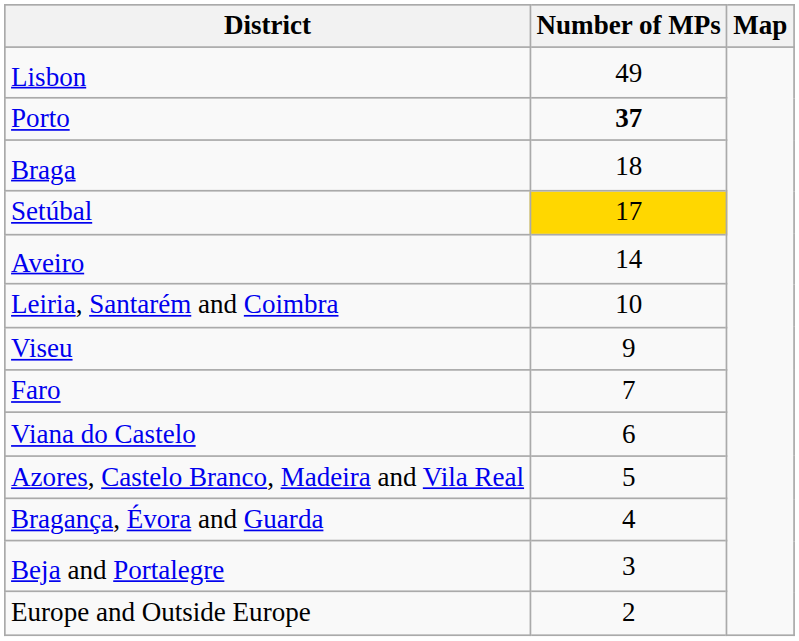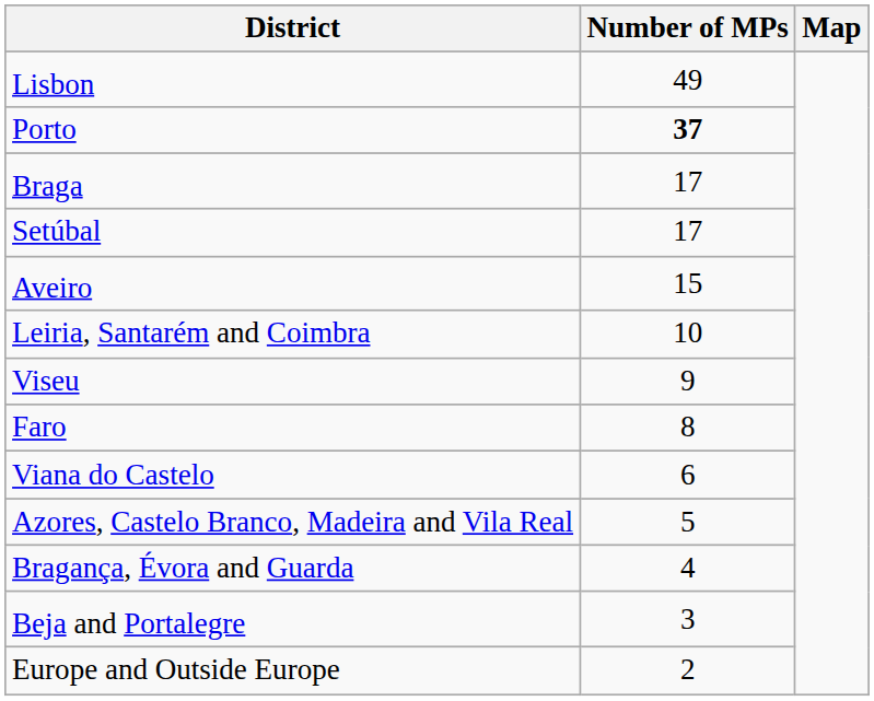 <table class="wikitable">
 <tr>
 <th>District</th>
 <th>Number of MPs</th>
 <th>Map</th>
 </tr>
 <tr>
 <td><a href='#'>Lisbon</a><sup></sup></td>
 <td style="text-align:center;">49</td>
 <td style="text-align:center;" rowspan="13"><br>                      </td>
 </tr>
 <tr>
 <td><a href='#'>Porto</a></td>
 <td style="text-align:center;"><strong>37</strong></td>
 </tr>
 <tr>
 <td><a href='#'>Braga</a><sup></sup></td>
-<td style="text-align:center;">18</td>
+<td style="text-align:center;">17</td>
 </tr>
 <tr>
 <td><a href='#'>Setúbal</a></td>
-<td style="background: gold; text-align:center;">17</td>
+<td style="text-align:center;">17</td>
 </tr>
 <tr>
 <td><a href='#'>Aveiro</a><sup></sup></td>
-<td style="text-align:center;">14</td>
+<td style="text-align:center;">15</td>
 </tr>
 <tr>
 <td><a href='#'>Leiria</a>, <a href='#'>Santarém</a> and <a href='#'>Coimbra</a></td>
 <td style="text-align:center;">10</td>
 </tr>
 <tr>
 <td><a href='#'>Viseu</a></td>
 <td style="text-align:center;">9</td>
 </tr>
 <tr>
 <td><a href='#'>Faro</a></td>
-<td style="text-align:center;">7</td>
+<td style="text-align:center;">8</td>
 </tr>
 <tr>
 <td><a href='#'>Viana do Castelo</a></td>
 <td style="text-align:center;">6</td>
 </tr>
 <tr>
 <td><a href='#'>Azores</a>, <a href='#'>Castelo Branco</a>, <a href='#'>Madeira</a> and <a href='#'>Vila Real</a></td>
 <td style="text-align:center;">5</td>
 </tr>
 <tr>
 <td><a href='#'>Bragança</a>, <a href='#'>Évora</a> and <a href='#'>Guarda</a></td>
 <td style="text-align:center;">4</td>
 </tr>
 <tr>
 <td><a href='#'>Beja</a><sup></sup> and <a href='#'>Portalegre</a></td>
 <td style="text-align:center;">3</td>
 </tr>
 <tr>
 <td>Europe and Outside Europe</td>
 <td style="text-align:center;">2</td>
 </tr>
 </table>
